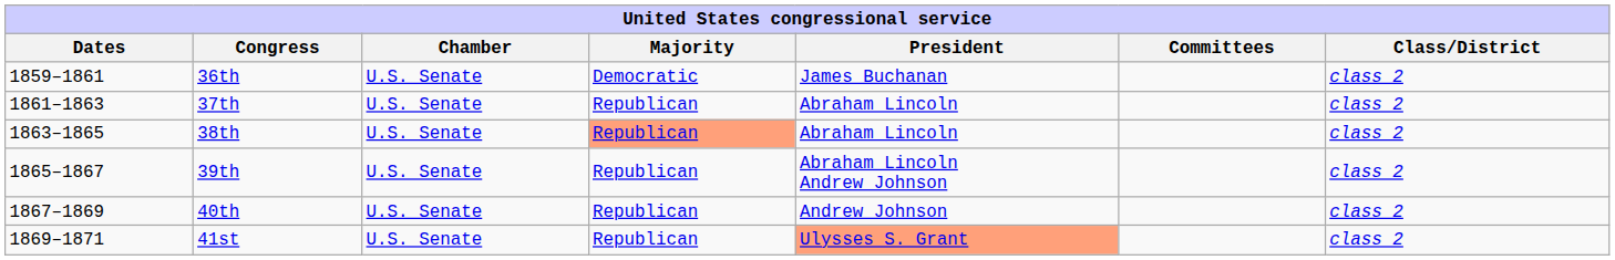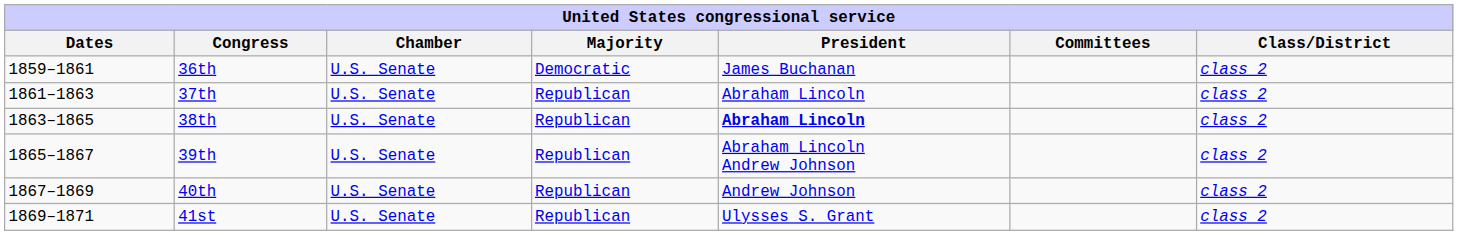 <table class=wikitable style="width: 94%" style="text-align: center;" align="center">
 <tr bgcolor=#cccccc>
 <th colspan=7 style="background: #ccccff;">United States congressional service</th>
 </tr>
 <tr>
 <th><strong>Dates</strong></th>
 <th><strong>Congress</strong></th>
 <th><strong>Chamber</strong></th>
 <th><strong>Majority</strong></th>
 <th><strong>President</strong></th>
 <th><strong>Committees</strong></th>
 <th><strong>Class/District</strong></th>
 </tr>
 <tr>
 <td>1859–1861</td>
 <td><a href='#'>36th</a></td>
 <td><a href='#'>U.S. Senate</a></td>
 <td><a href='#'>Democratic</a></td>
 <td><a href='#'>James Buchanan</a></td>
 <td></td>
 <td><a href='#'><em>class 2</em></a></td>
 </tr>
 <tr>
 <td>1861–1863</td>
 <td><a href='#'>37th</a></td>
 <td><a href='#'>U.S. Senate</a></td>
 <td><a href='#'>Republican</a></td>
 <td><a href='#'>Abraham Lincoln</a></td>
 <td></td>
 <td><a href='#'><em>class 2</em></a></td>
 </tr>
 <tr>
 <td>1863–1865</td>
 <td><a href='#'>38th</a></td>
 <td><a href='#'>U.S. Senate</a></td>
-<td style="background: lightsalmon;"><a href='#'>Republican</a></td>
-<td><a href='#'>Abraham Lincoln</a></td>
+<td><a href='#'>Republican</a></td>
+<td><strong><a href='#'>Abraham Lincoln</a></strong></td>
 <td></td>
 <td><a href='#'><em>class 2</em></a></td>
 </tr>
 <tr>
 <td>1865–1867</td>
 <td><a href='#'>39th</a></td>
 <td><a href='#'>U.S. Senate</a></td>
 <td><a href='#'>Republican</a></td>
 <td><a href='#'>Abraham Lincoln</a><br><a href='#'>Andrew Johnson</a></td>
 <td></td>
 <td><a href='#'><em>class 2</em></a></td>
 </tr>
 <tr>
 <td>1867–1869</td>
 <td><a href='#'>40th</a></td>
 <td><a href='#'>U.S. Senate</a></td>
 <td><a href='#'>Republican</a></td>
 <td><a href='#'>Andrew Johnson</a></td>
 <td></td>
 <td><a href='#'><em>class 2</em></a></td>
 </tr>
 <tr>
 <td>1869–1871</td>
 <td><a href='#'>41st</a></td>
 <td><a href='#'>U.S. Senate</a></td>
 <td><a href='#'>Republican</a></td>
-<td style="background: lightsalmon;"><a href='#'>Ulysses S. Grant</a></td>
+<td><a href='#'>Ulysses S. Grant</a></td>
 <td></td>
 <td><a href='#'><em>class 2</em></a></td>
 </tr>
 </table>
